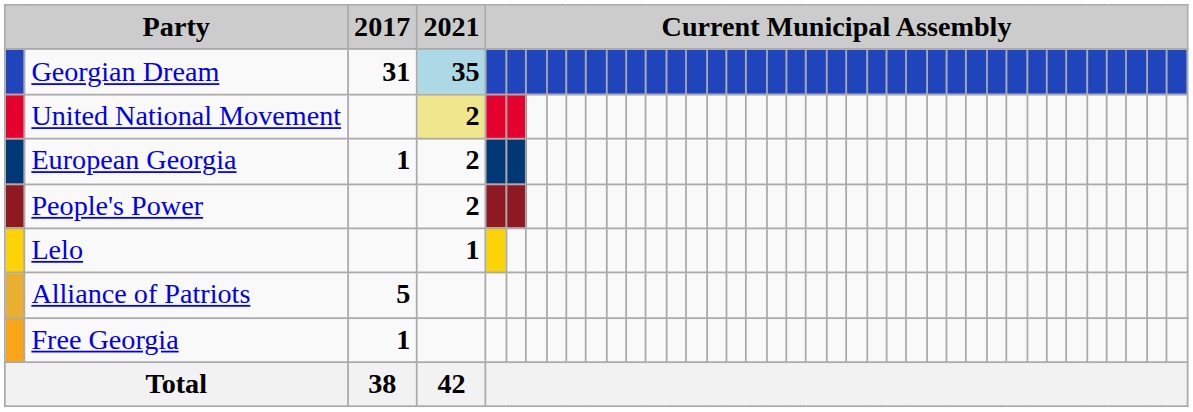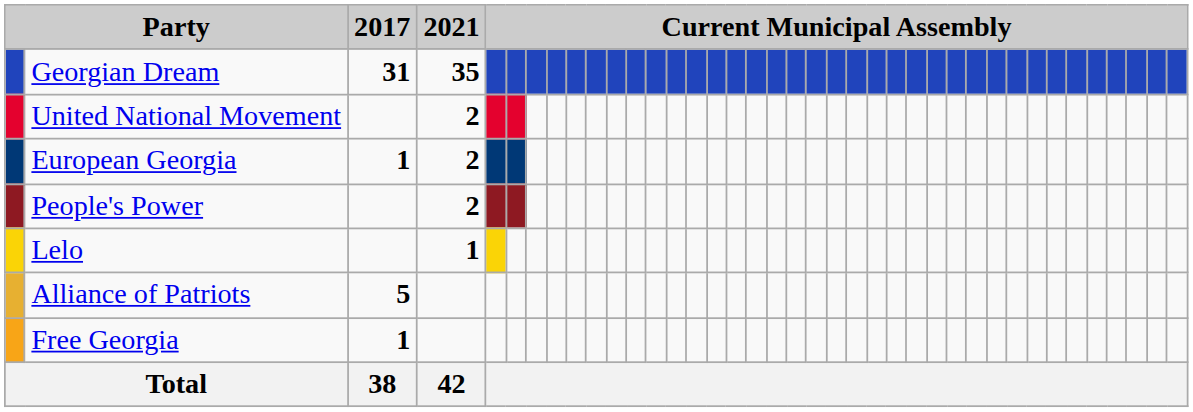 <table class="wikitable">
 <tr>
 <th style="background:#ccc" colspan="2">Party</th>
 <th style="background:#ccc">2017</th>
 <th style="background:#ccc">2021</th>
 <th colspan="43" style="background:#ccc">Current Municipal Assembly</th>
 </tr>
 <tr>
 <td style="background-color: #2044bc"> </td>
 <td><a href='#'>Georgian Dream</a></td>
 <td style="text-align: right"><strong>31</strong></td>
-<td style="background: lightblue; text-align: right"><strong>35</strong></td>
+<td style="text-align: right"><strong>35</strong></td>
 <td style="background-color: #2044bc"></td>
 <td style="background-color: #2044bc"> </td>
 <td style="background-color: #2044bc"> </td>
 <td style="background-color: #2044bc"> </td>
 <td style="background-color: #2044bc"> </td>
 <td style="background-color: #2044bc"> </td>
 <td style="background-color: #2044bc"> </td>
 <td style="background-color: #2044bc"> </td>
 <td style="background-color: #2044bc"> </td>
 <td style="background-color: #2044bc"> </td>
 <td style="background-color: #2044bc"> </td>
 <td style="background-color: #2044bc"> </td>
 <td style="background-color: #2044bc"> </td>
 <td style="background-color: #2044bc"> </td>
 <td style="background-color: #2044bc"> </td>
 <td style="background-color: #2044bc"> </td>
 <td style="background-color: #2044bc"> </td>
 <td style="background-color: #2044bc"> </td>
 <td style="background-color: #2044bc"> </td>
 <td style="background-color: #2044bc"> </td>
 <td style="background-color: #2044bc"> </td>
 <td style="background-color: #2044bc"> </td>
 <td style="background-color: #2044bc"> </td>
 <td style="background-color: #2044bc"> </td>
 <td style="background-color: #2044bc"> </td>
 <td style="background-color: #2044bc"> </td>
 <td style="background-color: #2044bc"> </td>
 <td style="background-color: #2044bc"> </td>
 <td style="background-color: #2044bc"> </td>
 <td style="background-color: #2044bc"> </td>
 <td style="background-color: #2044bc"> </td>
 <td style="background-color: #2044bc"> </td>
 <td style="background-color: #2044bc"> </td>
 <td style="background-color: #2044bc"> </td>
 <td style="background-color: #2044bc"> </td>
 </tr>
 <tr>
 <td style="background-color: #e4012e"> </td>
 <td><a href='#'>United National Movement</a></td>
 <td></td>
-<td style="background: khaki; text-align: right"><strong>2</strong></td>
+<td style="text-align: right"><strong>2</strong></td>
 <td style="background-color: #e4012e"></td>
 <td style="background-color: #e4012e"> </td>
 <td></td>
 <td></td>
 <td></td>
 <td></td>
 <td></td>
 <td></td>
 <td></td>
 <td></td>
 <td></td>
 <td></td>
 <td></td>
 <td></td>
 <td></td>
 <td></td>
 <td></td>
 <td></td>
 <td></td>
 <td></td>
 <td></td>
 <td></td>
 <td></td>
 <td></td>
 <td></td>
 <td></td>
 <td></td>
 <td></td>
 <td></td>
 <td></td>
 <td></td>
 <td></td>
 <td></td>
 <td></td>
 <td></td>
 </tr>
 <tr>
 <td style="background-color: #003876"> </td>
 <td><a href='#'>European Georgia</a></td>
 <td style="text-align: right"><strong>1</strong></td>
 <td style="text-align: right"><strong>2</strong></td>
 <td style="background-color: #003876"> </td>
 <td style="background-color: #003876"> </td>
 <td></td>
 <td></td>
 <td></td>
 <td></td>
 <td></td>
 <td></td>
 <td></td>
 <td></td>
 <td></td>
 <td></td>
 <td></td>
 <td></td>
 <td></td>
 <td></td>
 <td></td>
 <td></td>
 <td></td>
 <td></td>
 <td></td>
 <td></td>
 <td></td>
 <td></td>
 <td></td>
 <td></td>
 <td></td>
 <td></td>
 <td></td>
 <td></td>
 <td></td>
 <td></td>
 <td></td>
 <td></td>
 <td></td>
 </tr>
 <tr>
 <td style="background-color: #8e1922"> </td>
 <td><a href='#'>People's Power</a></td>
 <td></td>
 <td style="text-align: right"><strong>2</strong></td>
 <td style="background-color: #8e1922"></td>
 <td style="background-color: #8e1922"> </td>
 <td></td>
 <td></td>
 <td></td>
 <td></td>
 <td></td>
 <td></td>
 <td></td>
 <td></td>
 <td></td>
 <td></td>
 <td></td>
 <td></td>
 <td></td>
 <td></td>
 <td></td>
 <td></td>
 <td></td>
 <td></td>
 <td></td>
 <td></td>
 <td></td>
 <td></td>
 <td></td>
 <td></td>
 <td></td>
 <td></td>
 <td></td>
 <td></td>
 <td></td>
 <td></td>
 <td></td>
 <td></td>
 <td></td>
 </tr>
 <tr>
 <td style="background-color: #fad406"> </td>
 <td><a href='#'>Lelo</a></td>
 <td></td>
 <td style="text-align: right"><strong>1</strong></td>
 <td style="background-color: #fad406"> </td>
 <td></td>
 <td></td>
 <td></td>
 <td></td>
 <td></td>
 <td></td>
 <td></td>
 <td></td>
 <td></td>
 <td></td>
 <td></td>
 <td></td>
 <td></td>
 <td></td>
 <td></td>
 <td></td>
 <td></td>
 <td></td>
 <td></td>
 <td></td>
 <td></td>
 <td></td>
 <td></td>
 <td></td>
 <td></td>
 <td></td>
 <td></td>
 <td></td>
 <td></td>
 <td></td>
 <td></td>
 <td></td>
 <td></td>
 <td></td>
 </tr>
 <tr>
 <td style="background-color: #e7b031"> </td>
 <td><a href='#'>Alliance of Patriots</a></td>
 <td style="text-align: right"><strong>5</strong></td>
 <td></td>
 <td></td>
 <td></td>
 <td></td>
 <td></td>
 <td></td>
 <td></td>
 <td></td>
 <td></td>
 <td></td>
 <td></td>
 <td></td>
 <td></td>
 <td></td>
 <td></td>
 <td></td>
 <td></td>
 <td></td>
 <td></td>
 <td></td>
 <td></td>
 <td></td>
 <td></td>
 <td></td>
 <td></td>
 <td></td>
 <td></td>
 <td></td>
 <td></td>
 <td></td>
 <td></td>
 <td></td>
 <td></td>
 <td></td>
 <td></td>
 <td></td>
 </tr>
 <tr>
 <td style="background-color: #f8A517"> </td>
 <td><a href='#'>Free Georgia</a></td>
 <td style="text-align: right"><strong>1</strong></td>
 <td></td>
 <td></td>
 <td></td>
 <td></td>
 <td></td>
 <td></td>
 <td></td>
 <td></td>
 <td></td>
 <td></td>
 <td></td>
 <td></td>
 <td></td>
 <td></td>
 <td></td>
 <td></td>
 <td></td>
 <td></td>
 <td></td>
 <td></td>
 <td></td>
 <td></td>
 <td></td>
 <td></td>
 <td></td>
 <td></td>
 <td></td>
 <td></td>
 <td></td>
 <td></td>
 <td></td>
 <td></td>
 <td></td>
 <td></td>
 <td></td>
 <td></td>
 </tr>
 <tr>
 <th colspan=2>Total</th>
 <th align=right>38</th>
 <th align=right>42</th>
 <th colspan="43"> </th>
 </tr>
 </table>
